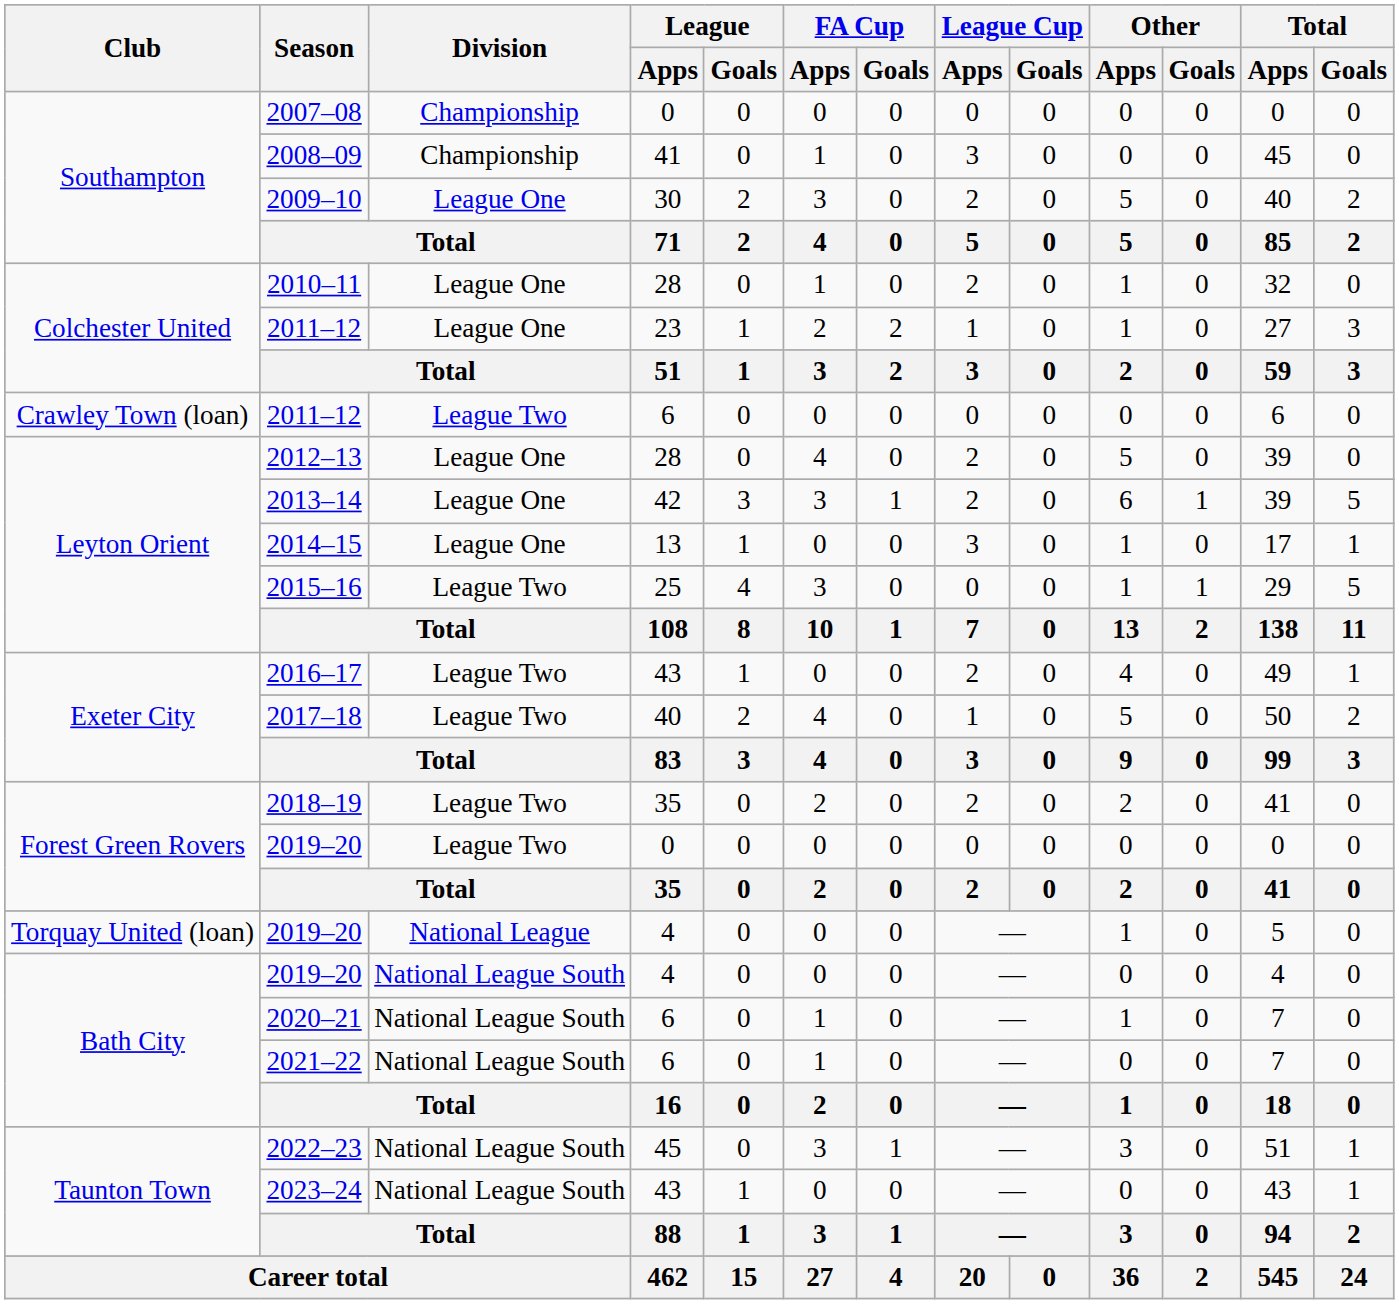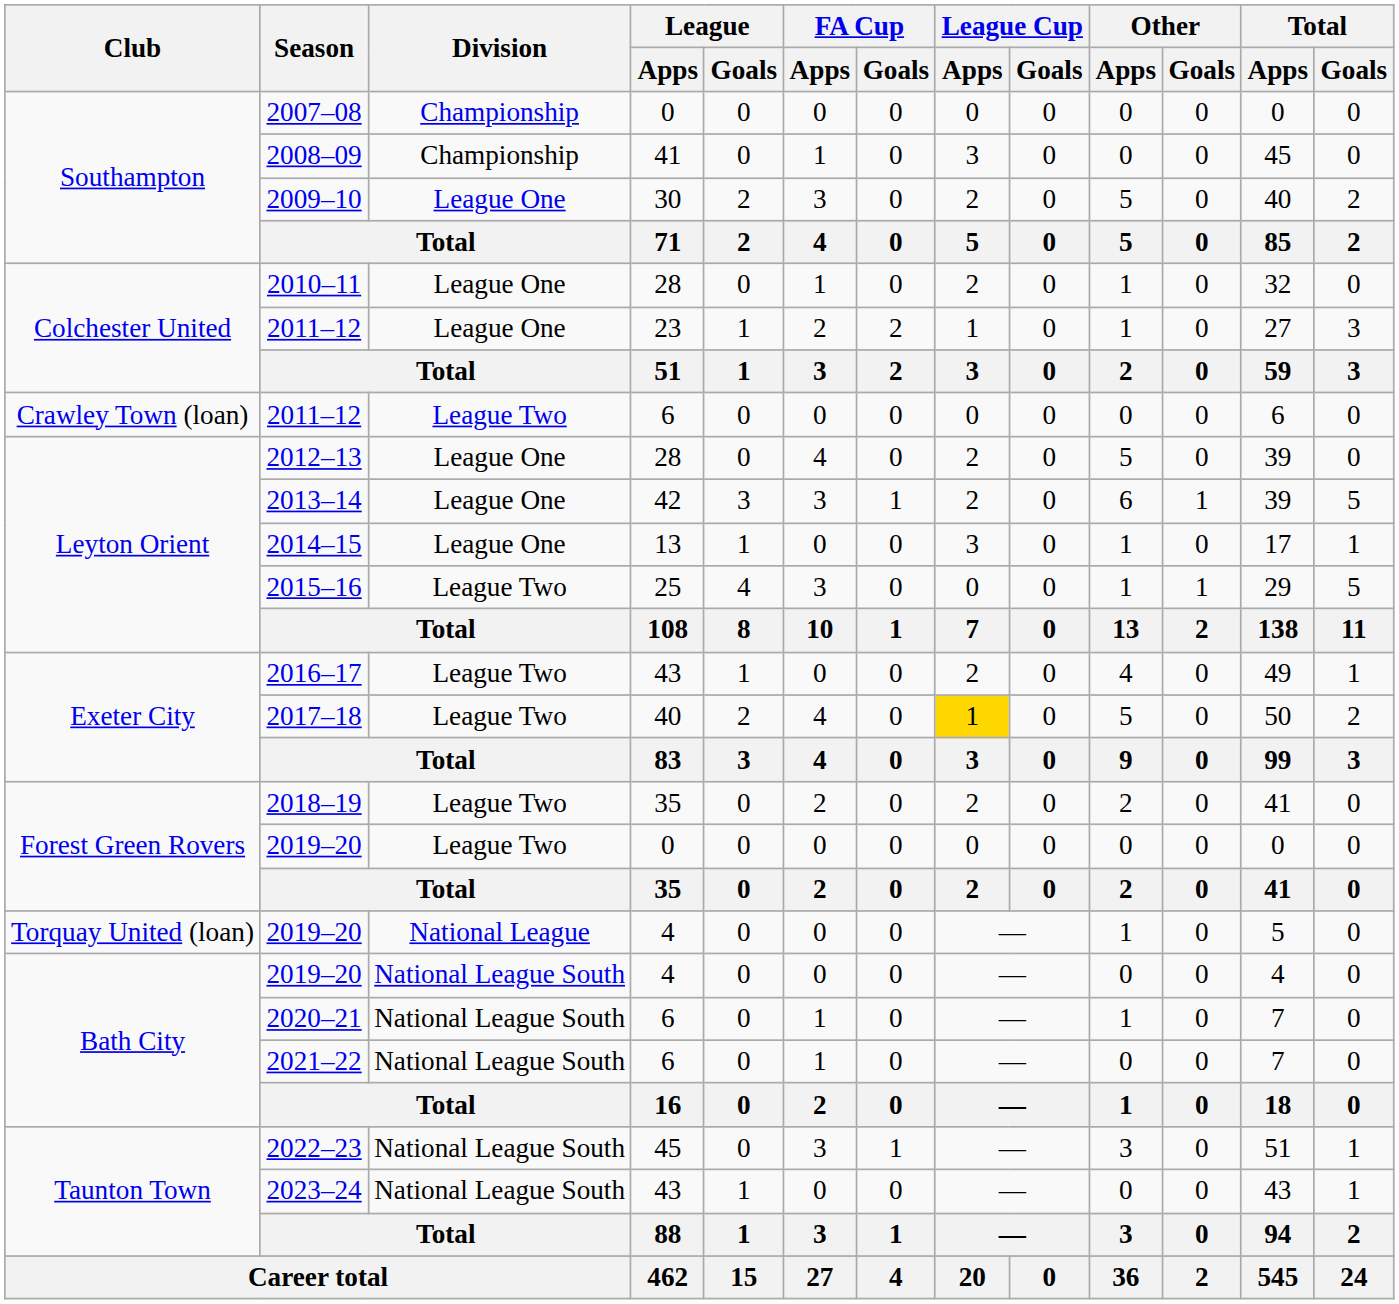 <table class="wikitable" style="text-align: center;">
 <tr>
 <th rowspan="2">Club</th>
 <th rowspan="2">Season</th>
 <th rowspan="2">Division</th>
 <th colspan="2">League</th>
 <th colspan="2"><a href='#'>FA Cup</a></th>
 <th colspan="2"><a href='#'>League Cup</a></th>
 <th colspan="2">Other</th>
 <th colspan="2">Total</th>
 </tr>
 <tr>
 <th>Apps</th>
 <th>Goals</th>
 <th>Apps</th>
 <th>Goals</th>
 <th>Apps</th>
 <th>Goals</th>
 <th>Apps</th>
 <th>Goals</th>
 <th>Apps</th>
 <th>Goals</th>
 </tr>
 <tr>
 <td rowspan="4"><a href='#'>Southampton</a></td>
 <td><a href='#'>2007–08</a></td>
 <td><a href='#'>Championship</a></td>
 <td>0</td>
 <td>0</td>
 <td>0</td>
 <td>0</td>
 <td>0</td>
 <td>0</td>
 <td>0</td>
 <td>0</td>
 <td>0</td>
 <td>0</td>
 </tr>
 <tr>
 <td><a href='#'>2008–09</a></td>
 <td>Championship</td>
 <td>41</td>
 <td>0</td>
 <td>1</td>
 <td>0</td>
 <td>3</td>
 <td>0</td>
 <td>0</td>
 <td>0</td>
 <td>45</td>
 <td>0</td>
 </tr>
 <tr>
 <td><a href='#'>2009–10</a></td>
 <td><a href='#'>League One</a></td>
 <td>30</td>
 <td>2</td>
 <td>3</td>
 <td>0</td>
 <td>2</td>
 <td>0</td>
 <td>5</td>
 <td>0</td>
 <td>40</td>
 <td>2</td>
 </tr>
 <tr>
 <th colspan="2">Total</th>
 <th>71</th>
 <th>2</th>
 <th>4</th>
 <th>0</th>
 <th>5</th>
 <th>0</th>
 <th>5</th>
 <th>0</th>
 <th>85</th>
 <th>2</th>
 </tr>
 <tr>
 <td rowspan="3"><a href='#'>Colchester United</a></td>
 <td><a href='#'>2010–11</a></td>
 <td>League One</td>
 <td>28</td>
 <td>0</td>
 <td>1</td>
 <td>0</td>
 <td>2</td>
 <td>0</td>
 <td>1</td>
 <td>0</td>
 <td>32</td>
 <td>0</td>
 </tr>
 <tr>
 <td><a href='#'>2011–12</a></td>
 <td>League One</td>
 <td>23</td>
 <td>1</td>
 <td>2</td>
 <td>2</td>
 <td>1</td>
 <td>0</td>
 <td>1</td>
 <td>0</td>
 <td>27</td>
 <td>3</td>
 </tr>
 <tr>
 <th colspan="2">Total</th>
 <th>51</th>
 <th>1</th>
 <th>3</th>
 <th>2</th>
 <th>3</th>
 <th>0</th>
 <th>2</th>
 <th>0</th>
 <th>59</th>
 <th>3</th>
 </tr>
 <tr>
 <td><a href='#'>Crawley Town</a> (loan)</td>
 <td><a href='#'>2011–12</a></td>
 <td><a href='#'>League Two</a></td>
 <td>6</td>
 <td>0</td>
 <td>0</td>
 <td>0</td>
 <td>0</td>
 <td>0</td>
 <td>0</td>
 <td>0</td>
 <td>6</td>
 <td>0</td>
 </tr>
 <tr>
 <td rowspan="5"><a href='#'>Leyton Orient</a></td>
 <td><a href='#'>2012–13</a></td>
 <td>League One</td>
 <td>28</td>
 <td>0</td>
 <td>4</td>
 <td>0</td>
 <td>2</td>
 <td>0</td>
 <td>5</td>
 <td>0</td>
 <td>39</td>
 <td>0</td>
 </tr>
 <tr>
 <td><a href='#'>2013–14</a></td>
 <td>League One</td>
 <td>42</td>
 <td>3</td>
 <td>3</td>
 <td>1</td>
 <td>2</td>
 <td>0</td>
 <td>6</td>
 <td>1</td>
 <td>39</td>
 <td>5</td>
 </tr>
 <tr>
 <td><a href='#'>2014–15</a></td>
 <td>League One</td>
 <td>13</td>
 <td>1</td>
 <td>0</td>
 <td>0</td>
 <td>3</td>
 <td>0</td>
 <td>1</td>
 <td>0</td>
 <td>17</td>
 <td>1</td>
 </tr>
 <tr>
 <td><a href='#'>2015–16</a></td>
 <td>League Two</td>
 <td>25</td>
 <td>4</td>
 <td>3</td>
 <td>0</td>
 <td>0</td>
 <td>0</td>
 <td>1</td>
 <td>1</td>
 <td>29</td>
 <td>5</td>
 </tr>
 <tr>
 <th colspan="2">Total</th>
 <th>108</th>
 <th>8</th>
 <th>10</th>
 <th>1</th>
 <th>7</th>
 <th>0</th>
 <th>13</th>
 <th>2</th>
 <th>138</th>
 <th>11</th>
 </tr>
 <tr>
 <td rowspan=3><a href='#'>Exeter City</a></td>
 <td><a href='#'>2016–17</a></td>
 <td>League Two</td>
 <td>43</td>
 <td>1</td>
 <td>0</td>
 <td>0</td>
 <td>2</td>
 <td>0</td>
 <td>4</td>
 <td>0</td>
 <td>49</td>
 <td>1</td>
 </tr>
 <tr>
 <td><a href='#'>2017–18</a></td>
 <td>League Two</td>
 <td>40</td>
 <td>2</td>
 <td>4</td>
 <td>0</td>
-<td>1</td>
+<td style="background: gold;">1</td>
 <td>0</td>
 <td>5</td>
 <td>0</td>
 <td>50</td>
 <td>2</td>
 </tr>
 <tr>
 <th colspan="2">Total</th>
 <th>83</th>
 <th>3</th>
 <th>4</th>
 <th>0</th>
 <th>3</th>
 <th>0</th>
 <th>9</th>
 <th>0</th>
 <th>99</th>
 <th>3</th>
 </tr>
 <tr>
 <td rowspan="3"><a href='#'>Forest Green Rovers</a></td>
 <td><a href='#'>2018–19</a></td>
 <td>League Two</td>
 <td>35</td>
 <td>0</td>
 <td>2</td>
 <td>0</td>
 <td>2</td>
 <td>0</td>
 <td>2</td>
 <td>0</td>
 <td>41</td>
 <td>0</td>
 </tr>
 <tr>
 <td><a href='#'>2019–20</a></td>
 <td>League Two</td>
 <td>0</td>
 <td>0</td>
 <td>0</td>
 <td>0</td>
 <td>0</td>
 <td>0</td>
 <td>0</td>
 <td>0</td>
 <td>0</td>
 <td>0</td>
 </tr>
 <tr>
 <th colspan="2">Total</th>
 <th>35</th>
 <th>0</th>
 <th>2</th>
 <th>0</th>
 <th>2</th>
 <th>0</th>
 <th>2</th>
 <th>0</th>
 <th>41</th>
 <th>0</th>
 </tr>
 <tr>
 <td><a href='#'>Torquay United</a> (loan)</td>
 <td><a href='#'>2019–20</a></td>
 <td><a href='#'>National League</a></td>
 <td>4</td>
 <td>0</td>
 <td>0</td>
 <td>0</td>
 <td colspan="2">—</td>
 <td>1</td>
 <td>0</td>
 <td>5</td>
 <td>0</td>
 </tr>
 <tr>
 <td rowspan="4"><a href='#'>Bath City</a></td>
 <td><a href='#'>2019–20</a></td>
 <td><a href='#'>National League South</a></td>
 <td>4</td>
 <td>0</td>
 <td>0</td>
 <td>0</td>
 <td colspan="2">—</td>
 <td>0</td>
 <td>0</td>
 <td>4</td>
 <td>0</td>
 </tr>
 <tr>
 <td><a href='#'>2020–21</a></td>
 <td>National League South</td>
 <td>6</td>
 <td>0</td>
 <td>1</td>
 <td>0</td>
 <td colspan="2">—</td>
 <td>1</td>
 <td>0</td>
 <td>7</td>
 <td>0</td>
 </tr>
 <tr>
 <td><a href='#'>2021–22</a></td>
 <td>National League South</td>
 <td>6</td>
 <td>0</td>
 <td>1</td>
 <td>0</td>
 <td colspan="2">—</td>
 <td>0</td>
 <td>0</td>
 <td>7</td>
 <td>0</td>
 </tr>
 <tr>
 <th colspan="2">Total</th>
 <th>16</th>
 <th>0</th>
 <th>2</th>
 <th>0</th>
 <th colspan="2">—</th>
 <th>1</th>
 <th>0</th>
 <th>18</th>
 <th>0</th>
 </tr>
 <tr>
 <td rowspan="3"><a href='#'>Taunton Town</a></td>
 <td><a href='#'>2022–23</a></td>
 <td>National League South</td>
 <td>45</td>
 <td>0</td>
 <td>3</td>
 <td>1</td>
 <td colspan="2">—</td>
 <td>3</td>
 <td>0</td>
 <td>51</td>
 <td>1</td>
 </tr>
 <tr>
 <td><a href='#'>2023–24</a></td>
 <td>National League South</td>
 <td>43</td>
 <td>1</td>
 <td>0</td>
 <td>0</td>
 <td colspan="2">—</td>
 <td>0</td>
 <td>0</td>
 <td>43</td>
 <td>1</td>
 </tr>
 <tr>
 <th colspan="2">Total</th>
 <th>88</th>
 <th>1</th>
 <th>3</th>
 <th>1</th>
 <th colspan="2">—</th>
 <th>3</th>
 <th>0</th>
 <th>94</th>
 <th>2</th>
 </tr>
 <tr>
 <th colspan="3">Career total</th>
 <th>462</th>
 <th>15</th>
 <th>27</th>
 <th>4</th>
 <th>20</th>
 <th>0</th>
 <th>36</th>
 <th>2</th>
 <th>545</th>
 <th>24</th>
 </tr>
 </table>
